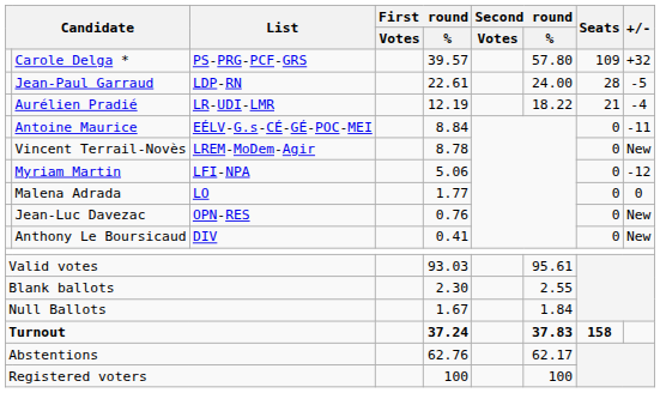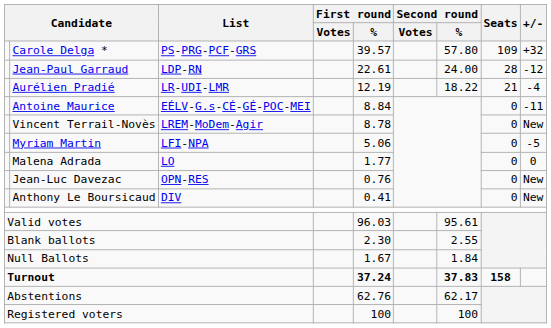 <table class="wikitable centre" style="text-align:right;">
 <tr>
 <th colspan="2" rowspan="2" scope="col">Candidate</th>
 <th rowspan="2" scope="col">List</th>
 <th colspan="2" scope="col">First round</th>
 <th colspan="2" scope="col">Second round</th>
 <th rowspan="2" scope="col">Seats</th>
 <th rowspan="2" scope="col">+/-</th>
 </tr>
 <tr>
 <th scope="col">Votes</th>
 <th scope="col">%</th>
 <th scope="col">Votes</th>
 <th scope="col">%</th>
 </tr>
 <tr>
 <td style="color:inherit;background:"></td>
 <td align="left"><a href='#'>Carole Delga</a> *</td>
 <td align="left"><a href='#'>PS</a>-<a href='#'>PRG</a>-<a href='#'>PCF</a>-<a href='#'>GRS</a></td>
 <td></td>
 <td>39.57</td>
 <td></td>
 <td>57.80</td>
 <td>109</td>
 <td align="center">+32</td>
 </tr>
 <tr>
 <td style="color:inherit;background:"></td>
 <td align="left"><a href='#'>Jean-Paul Garraud</a></td>
 <td align="left"><a href='#'>LDP</a>-<a href='#'>RN</a></td>
 <td></td>
 <td>22.61</td>
 <td></td>
 <td>24.00</td>
 <td>28</td>
-<td align="center">-5</td>
+<td align="center">-12</td>
 </tr>
 <tr>
 <td style="color:inherit;background:"></td>
 <td align="left"><a href='#'>Aurélien Pradié</a></td>
 <td align="left"><a href='#'>LR</a>-<a href='#'>UDI</a>-<a href='#'>LMR</a></td>
 <td></td>
 <td>12.19</td>
 <td></td>
 <td>18.22</td>
 <td>21</td>
 <td align="center">-4</td>
 </tr>
 <tr>
 <td style="color:inherit;background:"></td>
 <td align="left"><a href='#'>Antoine Maurice</a></td>
 <td align="left"><a href='#'>EÉLV</a>-<a href='#'>G.s</a>-<a href='#'>CÉ</a>-<a href='#'>GÉ</a>-<a href='#'>POC</a>-<a href='#'>MEI</a></td>
 <td></td>
 <td>8.84</td>
 <td colspan="2" rowspan="6"></td>
 <td>0</td>
 <td align="center">-11</td>
 </tr>
 <tr>
 <td style="color:inherit;background:"></td>
 <td align="left">Vincent Terrail-Novès</td>
 <td align="left"><a href='#'>LREM</a>-<a href='#'>MoDem</a>-<a href='#'>Agir</a></td>
 <td></td>
 <td>8.78</td>
 <td>0</td>
 <td align="center">New</td>
 </tr>
 <tr>
 <td style="color:inherit;background:"></td>
 <td align="left"><a href='#'>Myriam Martin</a></td>
 <td align="left"><a href='#'>LFI</a>-<a href='#'>NPA</a></td>
 <td></td>
 <td>5.06</td>
 <td>0</td>
-<td align="center">-12</td>
+<td align="center">-5</td>
 </tr>
 <tr>
 <td style="color:inherit;background:"></td>
 <td align="left">Malena Adrada</td>
 <td align="left"><a href='#'>LO</a></td>
 <td></td>
 <td>1.77</td>
 <td>0</td>
 <td align="center">0</td>
 </tr>
 <tr>
 <td style="color:inherit;background:"></td>
 <td align="left">Jean-Luc Davezac</td>
 <td align="left"><a href='#'>OPN</a>-<a href='#'>RES</a></td>
 <td></td>
 <td>0.76</td>
 <td>0</td>
 <td align="center">New</td>
 </tr>
 <tr>
 <td style="color:inherit;background:"></td>
 <td align="left">Anthony Le Boursicaud</td>
 <td align="left"><a href='#'>DIV</a></td>
 <td></td>
 <td>0.41</td>
 <td>0</td>
 <td align="center">New</td>
 </tr>
 <tr style="background:white;">
 <td colspan="9"></td>
 </tr>
 <tr>
 <td colspan="3" style="text-align:left;">Valid votes</td>
 <td></td>
-<td>93.03</td>
+<td>96.03</td>
 <td></td>
 <td>95.61</td>
 <td colspan="2" rowspan="3" bgcolor="#F4F4F4"></td>
 </tr>
 <tr>
 <td colspan="3" style="text-align:left;">Blank ballots</td>
 <td></td>
 <td>2.30</td>
 <td></td>
 <td>2.55</td>
 </tr>
 <tr>
 <td colspan="3" style="text-align:left;">Null Ballots</td>
 <td></td>
 <td>1.67</td>
 <td></td>
 <td>1.84</td>
 </tr>
 <tr style="font-weight:bold;">
 <td colspan="3" style="text-align:left;">Turnout</td>
 <td></td>
 <td>37.24</td>
 <td></td>
 <td>37.83</td>
 <td align="center">158</td>
 <td align="center"></td>
 </tr>
 <tr>
 <td colspan="3" style="text-align:left;">Abstentions</td>
 <td></td>
 <td>62.76</td>
 <td></td>
 <td>62.17</td>
 <td colspan="2" rowspan="2" bgcolor="#F4F4F4"></td>
 </tr>
 <tr>
 <td colspan="3" style="text-align:left;">Registered voters</td>
 <td></td>
 <td>100</td>
 <td></td>
 <td>100</td>
 </tr>
 </table>
